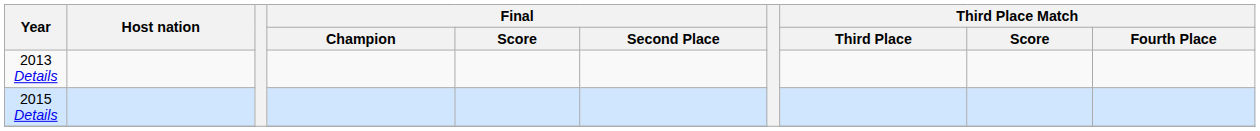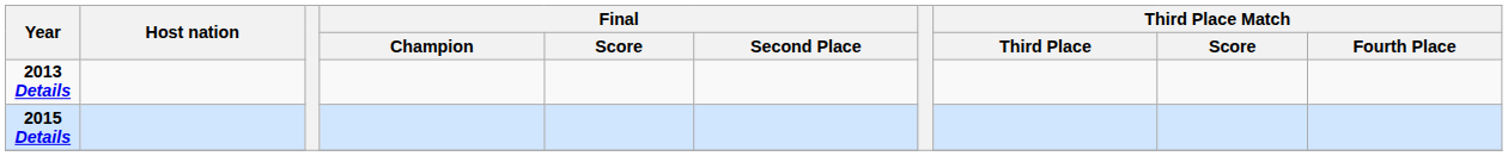 <table class="wikitable" style="font-size: 90%; text-align: center; width: 100%;">
 <tr>
 <th rowspan="2" width="5%">Year</th>
 <th rowspan="2" width="15%">Host nation</th>
 <th width="1%" rowspan="26"></th>
 <th colspan="3">Final</th>
 <th width="1%" rowspan="26"></th>
 <th colspan="3">Third Place Match</th>
 </tr>
 <tr>
 <th width="15%">Champion</th>
 <th width="10%">Score</th>
 <th width="15%">Second Place</th>
 <th width="15%">Third Place</th>
 <th width="10%">Score</th>
 <th width="15%">Fourth Place</th>
 </tr>
 <tr>
-<td>2013<br><em><a href='#'>Details</a></em></td>
+<td><strong>2013<br><em><a href='#'>Details</a></em></strong></td>
 <td align=left></td>
 <td><strong></strong></td>
 <td></td>
 <td></td>
 <td></td>
 <td></td>
 <td></td>
 </tr>
 <tr style="background: #D0E6FF;">
-<td>2015<br><em><a href='#'>Details</a></em></td>
+<td><strong>2015<br><em><a href='#'>Details</a></em></strong></td>
 <td align=left></td>
 <td><strong></strong></td>
 <td></td>
 <td></td>
 <td></td>
 <td></td>
 <td></td>
 </tr>
 <tr>
 </tr>
 </table>
